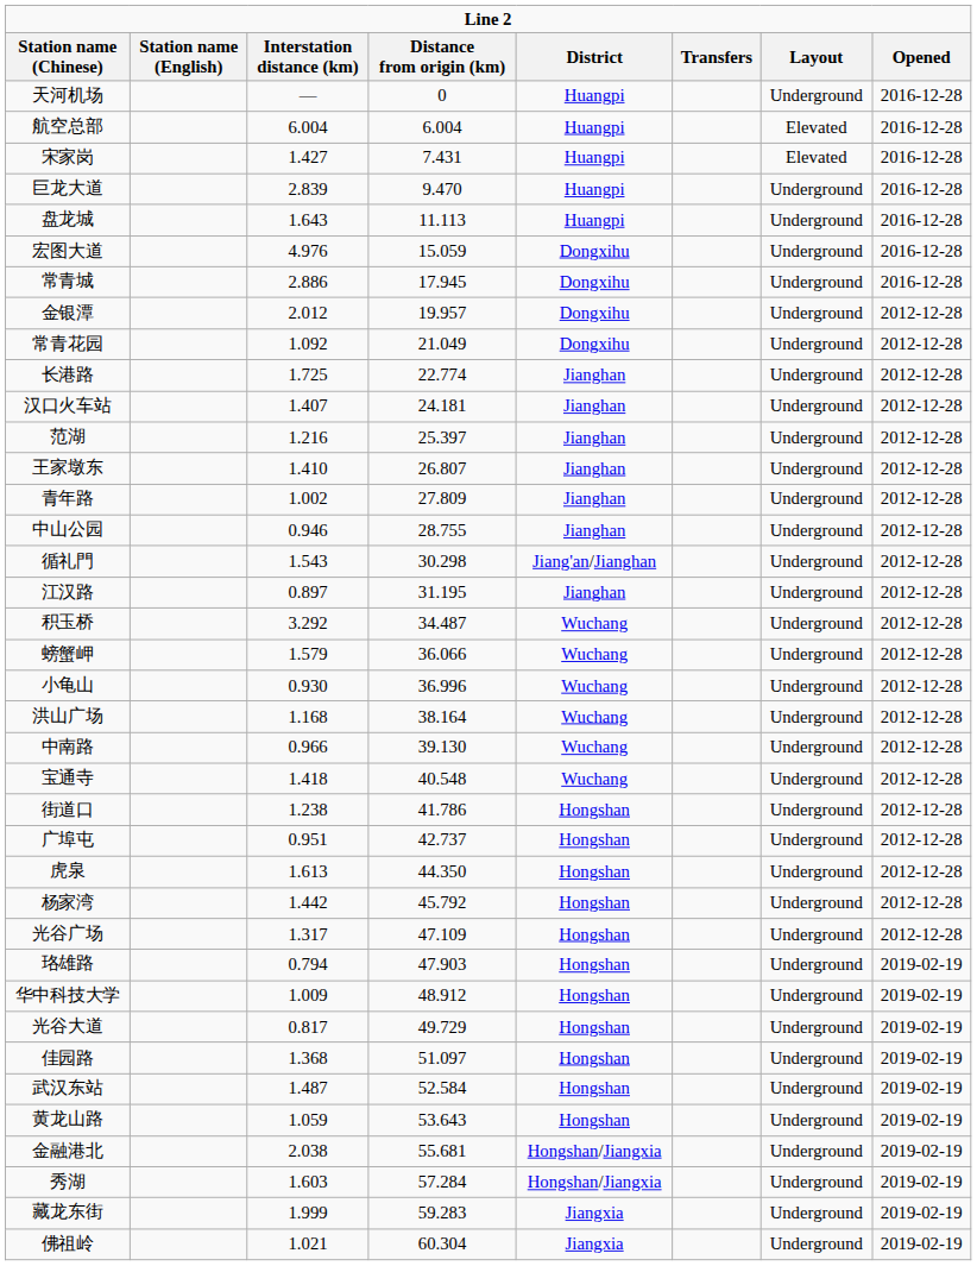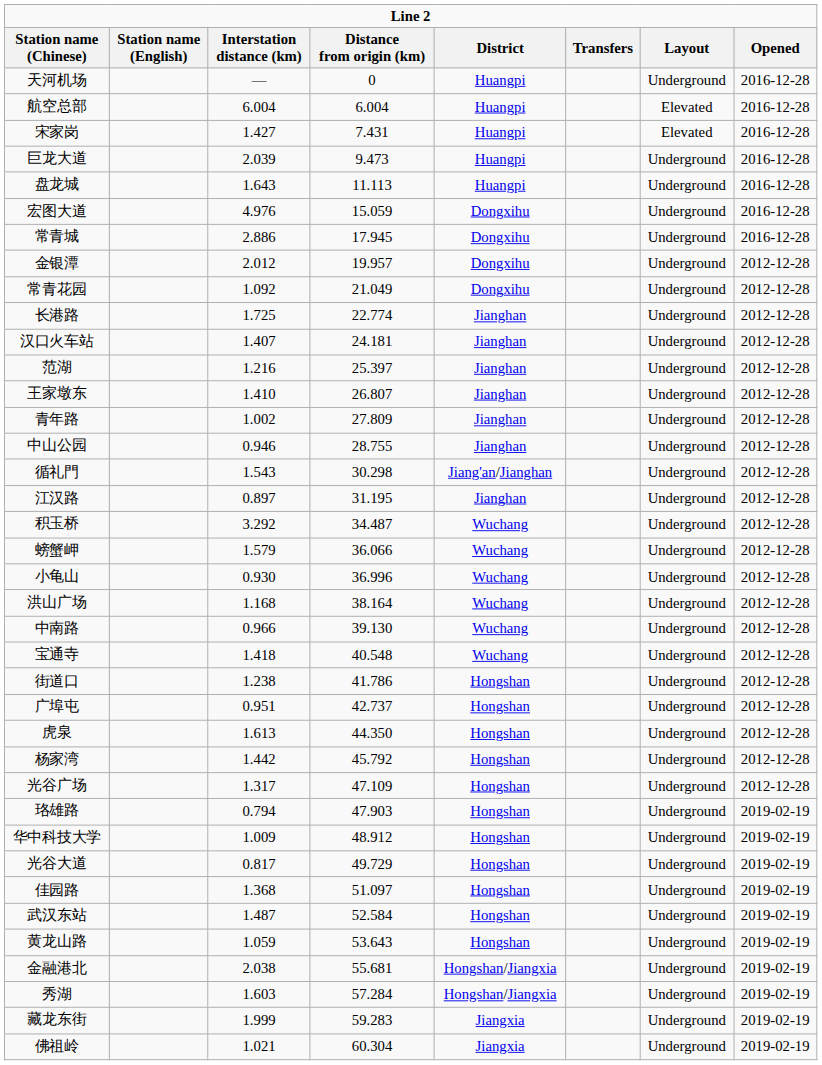 <table class="wikitable" style="width:100%; text-align: center;">
 <tr>
 <td align=center colspan=10><span><strong>Line 2</strong></span></td>
 </tr>
 <tr bgcolor="#CCCCCC">
 <th>Station name<br>(Chinese)</th>
 <th>Station name<br>(English)</th>
 <th>Interstation<br>distance (km)</th>
 <th>Distance<br>from origin (km)</th>
 <th>District</th>
 <th>Transfers</th>
 <th>Layout</th>
 <th>Opened</th>
 </tr>
 <tr>
 <td>天河机场</td>
 <td></td>
 <td>—</td>
 <td>0</td>
 <td><a href='#'>Huangpi</a></td>
 <td></td>
 <td>Underground</td>
 <td>2016-12-28</td>
 </tr>
 <tr>
 <td>航空总部</td>
 <td></td>
 <td>6.004</td>
 <td>6.004</td>
 <td><a href='#'>Huangpi</a></td>
 <td></td>
 <td>Elevated</td>
 <td>2016-12-28</td>
 </tr>
 <tr>
 <td>宋家岗</td>
 <td></td>
 <td>1.427</td>
 <td>7.431</td>
 <td><a href='#'>Huangpi</a></td>
 <td></td>
 <td>Elevated</td>
 <td>2016-12-28</td>
 </tr>
 <tr>
 <td>巨龙大道</td>
 <td></td>
-<td>2.839</td>
-<td>9.470</td>
+<td>2.039</td>
+<td>9.473</td>
 <td><a href='#'>Huangpi</a></td>
 <td></td>
 <td>Underground</td>
 <td>2016-12-28</td>
 </tr>
 <tr>
 <td>盘龙城</td>
 <td></td>
 <td>1.643</td>
 <td>11.113</td>
 <td><a href='#'>Huangpi</a></td>
 <td></td>
 <td>Underground</td>
 <td>2016-12-28</td>
 </tr>
 <tr>
 <td>宏图大道</td>
 <td></td>
 <td>4.976</td>
 <td>15.059</td>
 <td><a href='#'>Dongxihu</a></td>
 <td> </td>
 <td>Underground</td>
 <td>2016-12-28</td>
 </tr>
 <tr>
 <td>常青城</td>
 <td></td>
 <td>2.886</td>
 <td>17.945</td>
 <td><a href='#'>Dongxihu</a></td>
 <td></td>
 <td>Underground</td>
 <td>2016-12-28</td>
 </tr>
 <tr>
 <td>金银潭</td>
 <td></td>
 <td>2.012</td>
 <td>19.957</td>
 <td><a href='#'>Dongxihu</a></td>
 <td></td>
 <td>Underground</td>
 <td>2012-12-28</td>
 </tr>
 <tr>
 <td>常青花园</td>
 <td></td>
 <td>1.092</td>
 <td>21.049</td>
 <td><a href='#'>Dongxihu</a></td>
 <td></td>
 <td>Underground</td>
 <td>2012-12-28</td>
 </tr>
 <tr>
 <td>长港路</td>
 <td></td>
 <td>1.725</td>
 <td>22.774</td>
 <td><a href='#'>Jianghan</a></td>
 <td></td>
 <td>Underground</td>
 <td>2012-12-28</td>
 </tr>
 <tr>
 <td>汉口火车站</td>
 <td></td>
 <td>1.407</td>
 <td>24.181</td>
 <td><a href='#'>Jianghan</a></td>
 <td><em></em></td>
 <td>Underground</td>
 <td>2012-12-28</td>
 </tr>
 <tr>
 <td>范湖</td>
 <td></td>
 <td>1.216</td>
 <td>25.397</td>
 <td><a href='#'>Jianghan</a></td>
 <td></td>
 <td>Underground</td>
 <td>2012-12-28</td>
 </tr>
 <tr>
 <td>王家墩东</td>
 <td></td>
 <td>1.410</td>
 <td>26.807</td>
 <td><a href='#'>Jianghan</a></td>
 <td></td>
 <td>Underground</td>
 <td>2012-12-28</td>
 </tr>
 <tr>
 <td>青年路</td>
 <td></td>
 <td>1.002</td>
 <td>27.809</td>
 <td><a href='#'>Jianghan</a></td>
 <td></td>
 <td>Underground</td>
 <td>2012-12-28</td>
 </tr>
 <tr>
 <td>中山公园</td>
 <td></td>
 <td>0.946</td>
 <td>28.755</td>
 <td><a href='#'>Jianghan</a></td>
 <td></td>
 <td>Underground</td>
 <td>2012-12-28</td>
 </tr>
 <tr>
 <td>循礼門</td>
 <td></td>
 <td>1.543</td>
 <td>30.298</td>
 <td><a href='#'>Jiang'an</a>/<a href='#'>Jianghan</a></td>
 <td></td>
 <td>Underground</td>
 <td>2012-12-28</td>
 </tr>
 <tr>
 <td>江汉路</td>
 <td></td>
 <td>0.897</td>
 <td>31.195</td>
 <td><a href='#'>Jianghan</a></td>
 <td></td>
 <td>Underground</td>
 <td>2012-12-28</td>
 </tr>
 <tr>
 <td>积玉桥</td>
 <td></td>
 <td>3.292</td>
 <td>34.487</td>
 <td><a href='#'>Wuchang</a></td>
 <td></td>
 <td>Underground</td>
 <td>2012-12-28</td>
 </tr>
 <tr>
 <td>螃蟹岬</td>
 <td></td>
 <td>1.579</td>
 <td>36.066</td>
 <td><a href='#'>Wuchang</a></td>
 <td></td>
 <td>Underground</td>
 <td>2012-12-28</td>
 </tr>
 <tr>
 <td>小龟山</td>
 <td></td>
 <td>0.930</td>
 <td>36.996</td>
 <td><a href='#'>Wuchang</a></td>
 <td></td>
 <td>Underground</td>
 <td>2012-12-28</td>
 </tr>
 <tr>
 <td>洪山广场</td>
 <td></td>
 <td>1.168</td>
 <td>38.164</td>
 <td><a href='#'>Wuchang</a></td>
 <td></td>
 <td>Underground</td>
 <td>2012-12-28</td>
 </tr>
 <tr>
 <td>中南路</td>
 <td></td>
 <td>0.966</td>
 <td>39.130</td>
 <td><a href='#'>Wuchang</a></td>
 <td></td>
 <td>Underground</td>
 <td>2012-12-28</td>
 </tr>
 <tr>
 <td>宝通寺</td>
 <td></td>
 <td>1.418</td>
 <td>40.548</td>
 <td><a href='#'>Wuchang</a></td>
 <td></td>
 <td>Underground</td>
 <td>2012-12-28</td>
 </tr>
 <tr>
 <td>街道口</td>
 <td></td>
 <td>1.238</td>
 <td>41.786</td>
 <td><a href='#'>Hongshan</a></td>
 <td></td>
 <td>Underground</td>
 <td>2012-12-28</td>
 </tr>
 <tr>
 <td>广埠屯</td>
 <td></td>
 <td>0.951</td>
 <td>42.737</td>
 <td><a href='#'>Hongshan</a></td>
 <td></td>
 <td>Underground</td>
 <td>2012-12-28</td>
 </tr>
 <tr>
 <td>虎泉</td>
 <td></td>
 <td>1.613</td>
 <td>44.350</td>
 <td><a href='#'>Hongshan</a></td>
 <td><em></em></td>
 <td>Underground</td>
 <td>2012-12-28</td>
 </tr>
 <tr>
 <td>杨家湾</td>
 <td></td>
 <td>1.442</td>
 <td>45.792</td>
 <td><a href='#'>Hongshan</a></td>
 <td></td>
 <td>Underground</td>
 <td>2012-12-28</td>
 </tr>
 <tr>
 <td>光谷广场</td>
 <td></td>
 <td>1.317</td>
 <td>47.109</td>
 <td><a href='#'>Hongshan</a></td>
 <td><em></em></td>
 <td>Underground</td>
 <td>2012-12-28</td>
 </tr>
 <tr>
 <td>珞雄路</td>
 <td></td>
 <td>0.794</td>
 <td>47.903</td>
 <td><a href='#'>Hongshan</a></td>
 <td></td>
 <td>Underground</td>
 <td>2019-02-19</td>
 </tr>
 <tr>
 <td>华中科技大学</td>
 <td><small></small></td>
 <td>1.009</td>
 <td>48.912</td>
 <td><a href='#'>Hongshan</a></td>
 <td></td>
 <td>Underground</td>
 <td>2019-02-19</td>
 </tr>
 <tr>
 <td>光谷大道</td>
 <td></td>
 <td>0.817</td>
 <td>49.729</td>
 <td><a href='#'>Hongshan</a></td>
 <td></td>
 <td>Underground</td>
 <td>2019-02-19</td>
 </tr>
 <tr>
 <td>佳园路</td>
 <td></td>
 <td>1.368</td>
 <td>51.097</td>
 <td><a href='#'>Hongshan</a></td>
 <td></td>
 <td>Underground</td>
 <td>2019-02-19</td>
 </tr>
 <tr>
 <td>武汉东站</td>
 <td></td>
 <td>1.487</td>
 <td>52.584</td>
 <td><a href='#'>Hongshan</a></td>
 <td></td>
 <td>Underground</td>
 <td>2019-02-19</td>
 </tr>
 <tr>
 <td>黄龙山路</td>
 <td></td>
 <td>1.059</td>
 <td>53.643</td>
 <td><a href='#'>Hongshan</a></td>
 <td></td>
 <td>Underground</td>
 <td>2019-02-19</td>
 </tr>
 <tr>
 <td>金融港北</td>
 <td></td>
 <td>2.038</td>
 <td>55.681</td>
 <td><a href='#'>Hongshan</a>/<a href='#'>Jiangxia</a></td>
 <td></td>
 <td>Underground</td>
 <td>2019-02-19</td>
 </tr>
 <tr>
 <td>秀湖</td>
 <td></td>
 <td>1.603</td>
 <td>57.284</td>
 <td><a href='#'>Hongshan</a>/<a href='#'>Jiangxia</a></td>
 <td></td>
 <td>Underground</td>
 <td>2019-02-19</td>
 </tr>
 <tr>
 <td>藏龙东街</td>
 <td></td>
 <td>1.999</td>
 <td>59.283</td>
 <td><a href='#'>Jiangxia</a></td>
 <td></td>
 <td>Underground</td>
 <td>2019-02-19</td>
 </tr>
 <tr>
 <td>佛祖岭</td>
 <td></td>
 <td>1.021</td>
 <td>60.304</td>
 <td><a href='#'>Jiangxia</a></td>
 <td></td>
 <td>Underground</td>
 <td>2019-02-19</td>
 </tr>
 </table>
